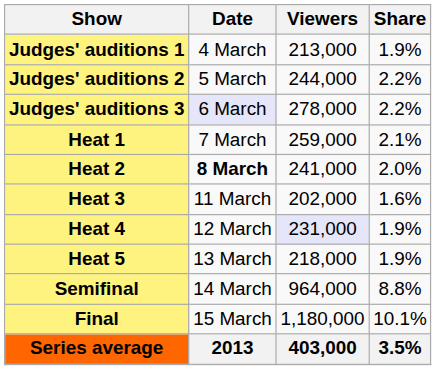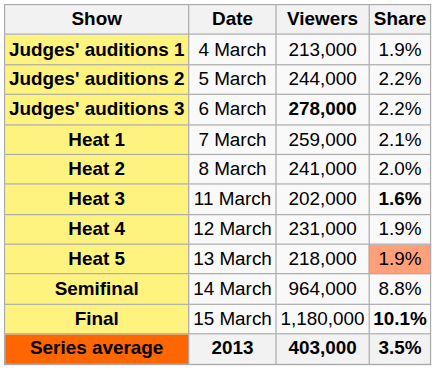 <table class="wikitable sortable" style="text-align:center">
 <tr>
 <th>Show</th>
 <th>Date</th>
 <th>Viewers</th>
 <th>Share</th>
 </tr>
 <tr>
 <td style="background:#FFF380"><strong>Judges' auditions 1</strong></td>
 <td>4 March</td>
 <td>213,000</td>
 <td>1.9%</td>
 </tr>
 <tr>
 <td style="background:#FFF380"><strong>Judges' auditions 2</strong></td>
 <td>5 March</td>
 <td>244,000</td>
 <td>2.2%</td>
 </tr>
 <tr>
 <td style="background:#FFF380"><strong>Judges' auditions 3</strong></td>
-<td style="background: lavender;">6 March</td>
-<td>278,000</td>
+<td>6 March</td>
+<td><strong>278,000</strong></td>
 <td>2.2%</td>
 </tr>
 <tr>
 <td style="background:#FFF380"><strong>Heat 1</strong></td>
 <td>7 March</td>
 <td>259,000</td>
 <td>2.1%</td>
 </tr>
 <tr>
 <td style="background:#FFF380"><strong>Heat 2</strong></td>
-<td><strong>8 March</strong></td>
+<td>8 March</td>
 <td>241,000</td>
 <td>2.0%</td>
 </tr>
 <tr>
 <td style="background:#FFF380"><strong>Heat 3</strong></td>
 <td>11 March</td>
 <td>202,000</td>
-<td>1.6%</td>
+<td><strong>1.6%</strong></td>
 </tr>
 <tr>
 <td style="background:#FFF380"><strong>Heat 4</strong></td>
 <td>12 March</td>
-<td style="background: lavender;">231,000</td>
+<td>231,000</td>
 <td>1.9%</td>
 </tr>
 <tr>
 <td style="background:#FFF380"><strong>Heat 5</strong></td>
 <td>13 March</td>
 <td>218,000</td>
-<td>1.9%</td>
+<td style="background: lightsalmon;">1.9%</td>
 </tr>
 <tr>
 <td style="background:#FFF380"><strong>Semifinal</strong></td>
 <td>14 March</td>
 <td>964,000</td>
 <td>8.8%</td>
 </tr>
 <tr>
 <td style="background:#FFF380"><strong>Final</strong></td>
 <td>15 March</td>
 <td>1,180,000</td>
-<td>10.1%</td>
+<td><strong>10.1%</strong></td>
 </tr>
 <tr>
 <th style="background:#FF6600">Series average</th>
 <th>2013</th>
 <th>403,000</th>
 <th>3.5%</th>
 </tr>
 <tr>
 </tr>
 </table>
